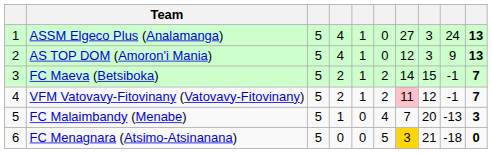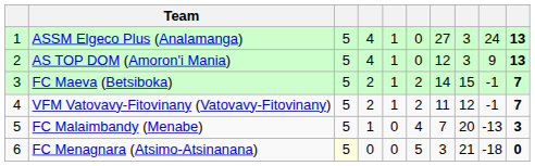 <table class="wikitable" style="text-align: center;">
 <tr>
 <th width=20></th>
 <th>Team</th>
 <th width=20></th>
 <th width=20></th>
 <th width=20></th>
 <th width=20></th>
 <th width=20></th>
 <th width=20></th>
 <th width=20></th>
 <th width=20></th>
 </tr>
 <tr bgcolor=#ccffcc>
 <td>1</td>
 <td align=left><a href='#'>ASSM Elgeco Plus</a> (<a href='#'>Analamanga</a>)</td>
 <td>5</td>
 <td>4</td>
 <td>1</td>
 <td>0</td>
 <td>27</td>
 <td>3</td>
 <td>24</td>
 <td><strong>13</strong></td>
 </tr>
 <tr bgcolor=#ccffcc>
 <td>2</td>
 <td align=left><a href='#'>AS TOP DOM</a> (<a href='#'>Amoron'i Mania</a>)</td>
 <td>5</td>
 <td>4</td>
 <td>1</td>
 <td>0</td>
 <td>12</td>
 <td>3</td>
 <td>9</td>
 <td><strong>13</strong></td>
 </tr>
 <tr bgcolor=#ccffcc>
 <td>3</td>
 <td align=left><a href='#'>FC Maeva</a> (<a href='#'>Betsiboka</a>)</td>
 <td>5</td>
 <td>2</td>
 <td>1</td>
 <td>2</td>
 <td>14</td>
 <td>15</td>
 <td>-1</td>
 <td><strong>7</strong></td>
 </tr>
 <tr>
 <td>4</td>
 <td align=left><a href='#'>VFM Vatovavy-Fitovinany</a> (<a href='#'>Vatovavy-Fitovinany</a>)</td>
 <td>5</td>
 <td>2</td>
 <td>1</td>
 <td>2</td>
-<td style="background: pink;">11</td>
+<td>11</td>
 <td>12</td>
 <td>-1</td>
 <td><strong>7</strong></td>
 </tr>
 <tr>
 <td>5</td>
 <td align=left><a href='#'>FC Malaimbandy</a> (<a href='#'>Menabe</a>)</td>
 <td>5</td>
 <td>1</td>
 <td>0</td>
 <td>4</td>
 <td>7</td>
 <td>20</td>
 <td>-13</td>
 <td><strong>3</strong></td>
 </tr>
 <tr>
 <td>6</td>
 <td align=left><a href='#'>FC Menagnara</a> (<a href='#'>Atsimo-Atsinanana</a>)</td>
-<td>5</td>
+<td style="background: lightyellow;">5</td>
 <td>0</td>
 <td>0</td>
 <td>5</td>
-<td style="background: gold;">3</td>
+<td>3</td>
 <td>21</td>
 <td>-18</td>
 <td><strong>0</strong></td>
 </tr>
 </table>
